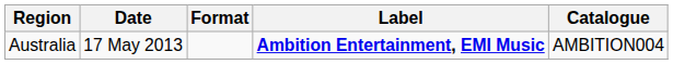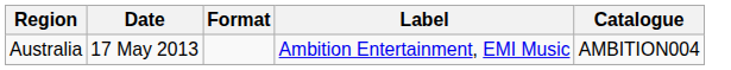 <table class="wikitable plainrowheaders">
 <tr>
 <th scope="col">Region</th>
 <th scope="col">Date</th>
 <th scope="col">Format</th>
 <th scope="col">Label</th>
 <th scope="col">Catalogue</th>
 </tr>
 <tr>
 <td>Australia</td>
 <td>17 May 2013</td>
 <td></td>
-<td><strong><a href='#'>Ambition Entertainment</a>, <a href='#'>EMI Music</a></strong></td>
+<td><a href='#'>Ambition Entertainment</a>, <a href='#'>EMI Music</a></td>
 <td>AMBITION004</td>
 </tr>
 <tr>
 </tr>
 </table>
